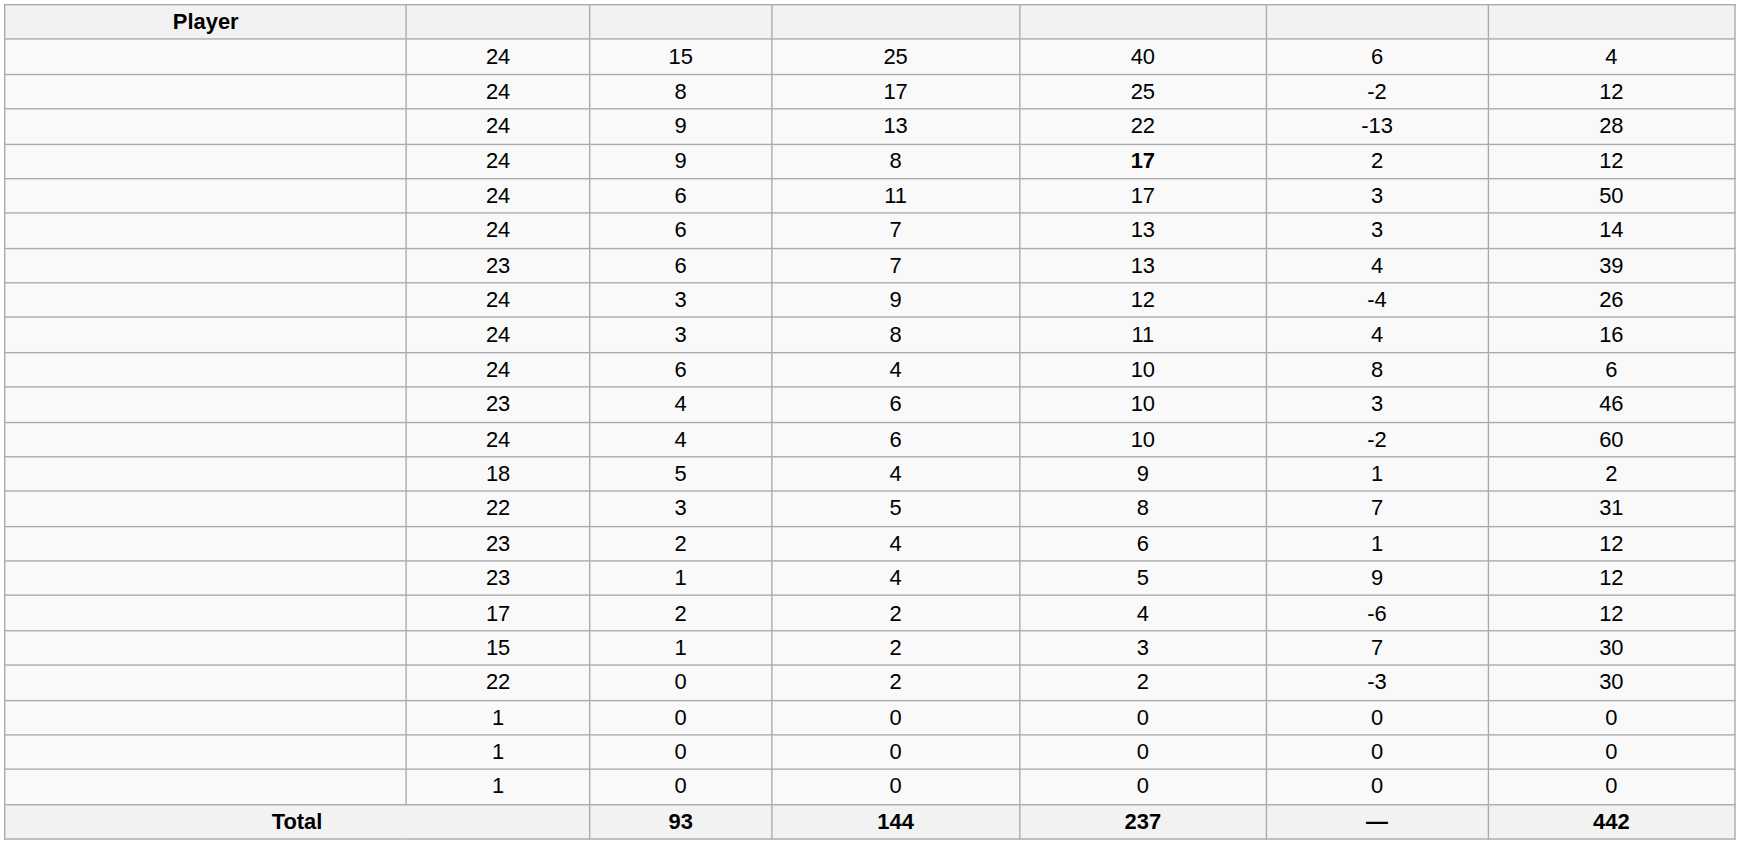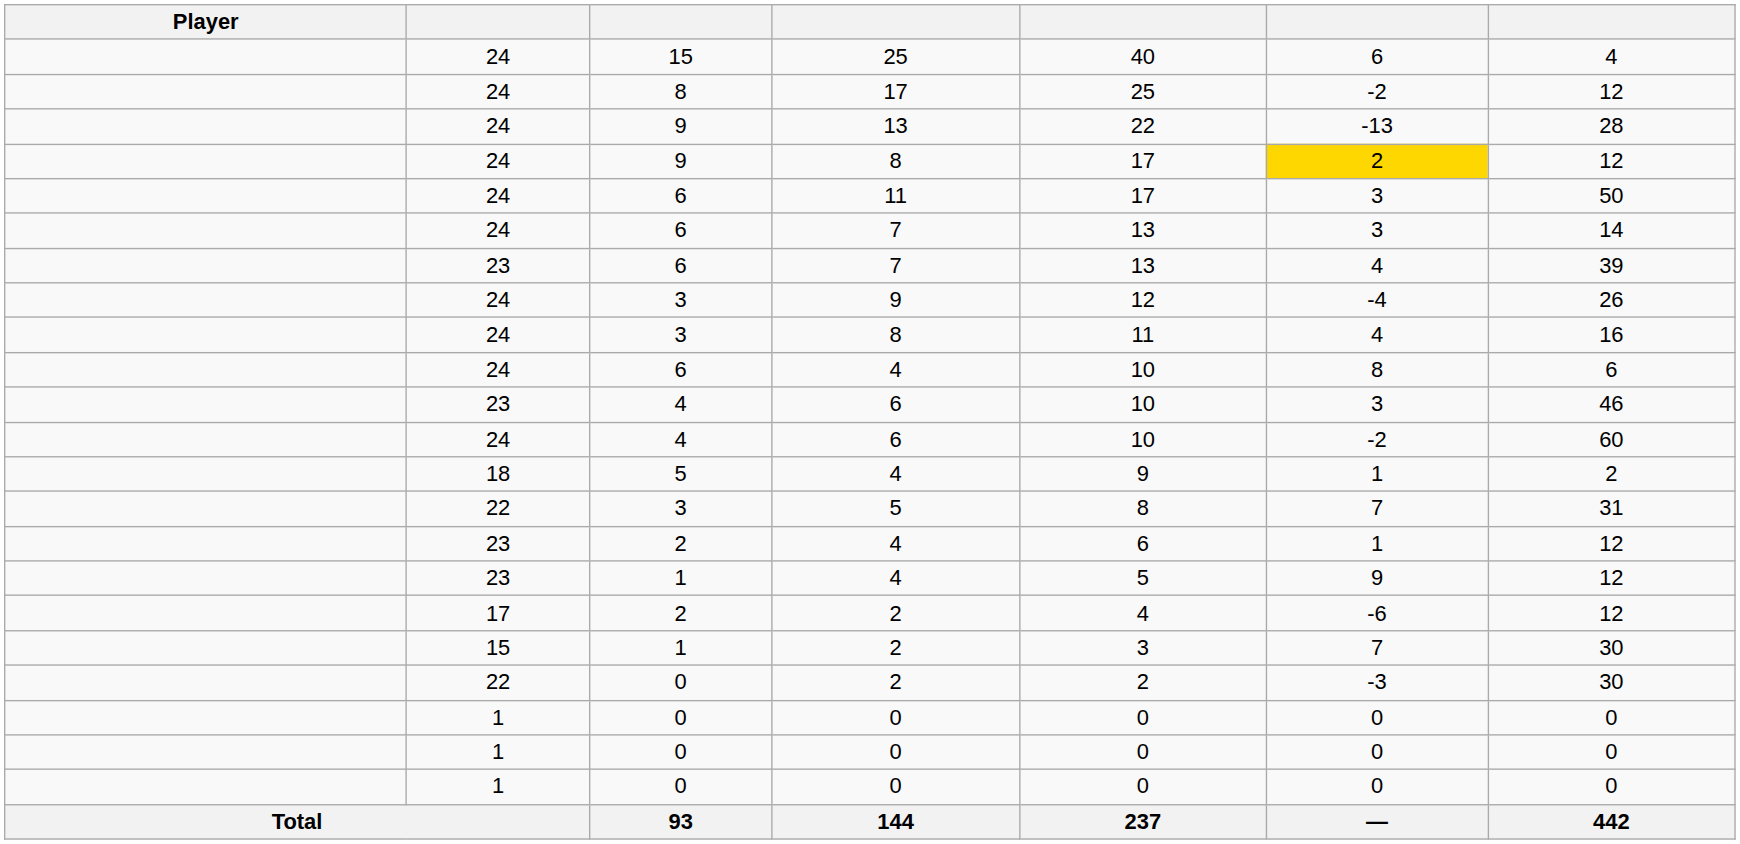 <table class="wikitable sortable" style="width:100%;">
 <tr align=center>
 <th>Player</th>
 <th></th>
 <th></th>
 <th></th>
 <th></th>
 <th data-sort-type="number"></th>
 <th></th>
 </tr>
 <tr align=center>
 <td></td>
 <td>24</td>
 <td>15</td>
 <td>25</td>
 <td>40</td>
 <td>6</td>
 <td>4</td>
 </tr>
 <tr align=center>
 <td></td>
 <td>24</td>
 <td>8</td>
 <td>17</td>
 <td>25</td>
 <td>-2</td>
 <td>12</td>
 </tr>
 <tr align=center>
 <td></td>
 <td>24</td>
 <td>9</td>
 <td>13</td>
 <td>22</td>
 <td>-13</td>
 <td>28</td>
 </tr>
 <tr align=center>
 <td></td>
 <td>24</td>
 <td>9</td>
 <td>8</td>
-<td><strong>17</strong></td>
-<td>2</td>
+<td>17</td>
+<td style="background: gold;">2</td>
 <td>12</td>
 </tr>
 <tr align=center>
 <td></td>
 <td>24</td>
 <td>6</td>
 <td>11</td>
 <td>17</td>
 <td>3</td>
 <td>50</td>
 </tr>
 <tr align=center>
 <td></td>
 <td>24</td>
 <td>6</td>
 <td>7</td>
 <td>13</td>
 <td>3</td>
 <td>14</td>
 </tr>
 <tr align=center>
 <td></td>
 <td>23</td>
 <td>6</td>
 <td>7</td>
 <td>13</td>
 <td>4</td>
 <td>39</td>
 </tr>
 <tr align=center>
 <td></td>
 <td>24</td>
 <td>3</td>
 <td>9</td>
 <td>12</td>
 <td>-4</td>
 <td>26</td>
 </tr>
 <tr align=center>
 <td></td>
 <td>24</td>
 <td>3</td>
 <td>8</td>
 <td>11</td>
 <td>4</td>
 <td>16</td>
 </tr>
 <tr align=center>
 <td></td>
 <td>24</td>
 <td>6</td>
 <td>4</td>
 <td>10</td>
 <td>8</td>
 <td>6</td>
 </tr>
 <tr align=center>
 <td></td>
 <td>23</td>
 <td>4</td>
 <td>6</td>
 <td>10</td>
 <td>3</td>
 <td>46</td>
 </tr>
 <tr align=center>
 <td></td>
 <td>24</td>
 <td>4</td>
 <td>6</td>
 <td>10</td>
 <td>-2</td>
 <td>60</td>
 </tr>
 <tr align=center>
 <td></td>
 <td>18</td>
 <td>5</td>
 <td>4</td>
 <td>9</td>
 <td>1</td>
 <td>2</td>
 </tr>
 <tr align=center>
 <td></td>
 <td>22</td>
 <td>3</td>
 <td>5</td>
 <td>8</td>
 <td>7</td>
 <td>31</td>
 </tr>
 <tr align=center>
 <td></td>
 <td>23</td>
 <td>2</td>
 <td>4</td>
 <td>6</td>
 <td>1</td>
 <td>12</td>
 </tr>
 <tr align=center>
 <td></td>
 <td>23</td>
 <td>1</td>
 <td>4</td>
 <td>5</td>
 <td>9</td>
 <td>12</td>
 </tr>
 <tr align=center>
 <td></td>
 <td>17</td>
 <td>2</td>
 <td>2</td>
 <td>4</td>
 <td>-6</td>
 <td>12</td>
 </tr>
 <tr align=center>
 <td></td>
 <td>15</td>
 <td>1</td>
 <td>2</td>
 <td>3</td>
 <td>7</td>
 <td>30</td>
 </tr>
 <tr align=center>
 <td></td>
 <td>22</td>
 <td>0</td>
 <td>2</td>
 <td>2</td>
 <td>-3</td>
 <td>30</td>
 </tr>
 <tr align=center>
 <td></td>
 <td>1</td>
 <td>0</td>
 <td>0</td>
 <td>0</td>
 <td>0</td>
 <td>0</td>
 </tr>
 <tr align=center>
 <td></td>
 <td>1</td>
 <td>0</td>
 <td>0</td>
 <td>0</td>
 <td>0</td>
 <td>0</td>
 </tr>
 <tr align=center>
 <td></td>
 <td>1</td>
 <td>0</td>
 <td>0</td>
 <td>0</td>
 <td>0</td>
 <td>0</td>
 </tr>
 <tr class="sortbotom">
 <th colspan=2>Total</th>
 <th>93</th>
 <th>144</th>
 <th>237</th>
 <th>—</th>
 <th>442</th>
 </tr>
 </table>
